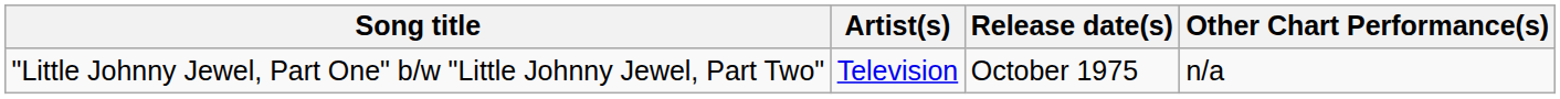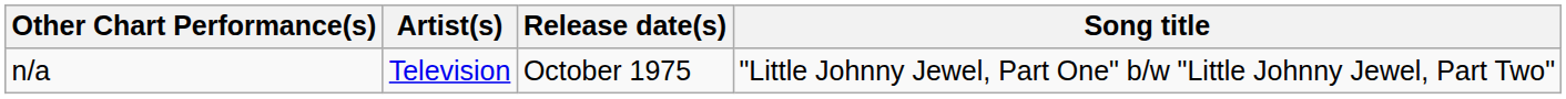 <table class="wikitable sortable">
 <tr>
-<th>Song title</th>
+<th>Other Chart Performance(s)</th>
 <th>Artist(s)</th>
 <th>Release date(s)</th>
-<th>Other Chart Performance(s)</th>
+<th>Song title</th>
 </tr>
 <tr>
-<td>"Little Johnny Jewel, Part One" b/w "Little Johnny Jewel, Part Two"</td>
+<td>n/a</td>
 <td><a href='#'>Television</a></td>
 <td>October 1975</td>
-<td>n/a</td>
+<td>"Little Johnny Jewel, Part One" b/w "Little Johnny Jewel, Part Two"</td>
 </tr>
 </table>
